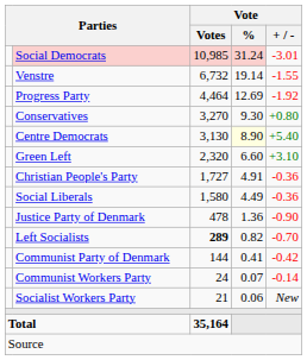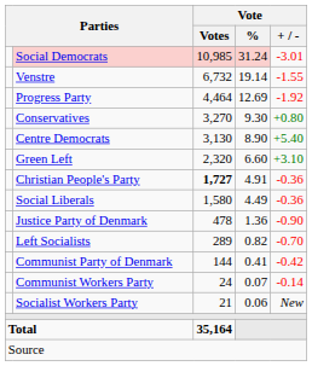 <table class="wikitable" style="text-align:right;">
 <tr>
 <th style="text-align:centre;" rowspan="2" colspan="2" width="225">Parties</th>
 <th colspan="3">Vote</th>
 </tr>
 <tr>
 <th width="15">Votes</th>
 <th width="15">%</th>
 <th width="15">+ / -</th>
 </tr>
 <tr>
 <td width="2" style="color:inherit;background:"></td>
 <td bgcolor=#fbd0ce  align="left"><a href='#'>Social Democrats</a></td>
 <td bgcolor=#fbd0ce>10,985</td>
 <td bgcolor=#fbd0ce>31.24</td>
 <td style=color:red;>-3.01</td>
 </tr>
 <tr>
 <td width="2" style="color:inherit;background:"></td>
 <td align="left"><a href='#'>Venstre</a></td>
 <td>6,732</td>
 <td>19.14</td>
 <td style=color:red;>-1.55</td>
 </tr>
 <tr>
 <td width="2" style="color:inherit;background:"></td>
 <td align="left"><a href='#'>Progress Party</a></td>
 <td>4,464</td>
 <td>12.69</td>
 <td style=color:red;>-1.92</td>
 </tr>
 <tr>
 <td width="2" style="color:inherit;background:"></td>
 <td align="left"><a href='#'>Conservatives</a></td>
 <td>3,270</td>
 <td>9.30</td>
 <td style=color:green;>+0.80</td>
 </tr>
 <tr>
 <td width="2" style="color:inherit;background:"></td>
 <td align="left"><a href='#'>Centre Democrats</a></td>
 <td>3,130</td>
-<td style="background: lightyellow;">8.90</td>
+<td>8.90</td>
 <td style=color:green;>+5.40</td>
 </tr>
 <tr>
 <td width="2" style="color:inherit;background:"></td>
 <td align="left"><a href='#'>Green Left</a></td>
 <td>2,320</td>
 <td>6.60</td>
 <td style=color:green;>+3.10</td>
 </tr>
 <tr>
 <td width="2" style="color:inherit;background:"></td>
 <td align="left"><a href='#'>Christian People's Party</a></td>
-<td>1,727</td>
+<td><strong>1,727</strong></td>
 <td>4.91</td>
 <td style=color:red;>-0.36</td>
 </tr>
 <tr>
 <td width="2" style="color:inherit;background:"></td>
 <td align="left"><a href='#'>Social Liberals</a></td>
 <td>1,580</td>
 <td>4.49</td>
 <td style=color:red;>-0.36</td>
 </tr>
 <tr>
 <td width="2" style="color:inherit;background:"></td>
 <td align="left"><a href='#'>Justice Party of Denmark</a></td>
 <td>478</td>
 <td>1.36</td>
 <td style=color:red;>-0.90</td>
 </tr>
 <tr>
 <td width="2" style="color:inherit;background:"></td>
 <td align="left"><a href='#'>Left Socialists</a></td>
-<td><strong>289</strong></td>
+<td>289</td>
 <td>0.82</td>
 <td style=color:red;>-0.70</td>
 </tr>
 <tr>
 <td width="2" style="color:inherit;background:"></td>
 <td align="left"><a href='#'>Communist Party of Denmark</a></td>
 <td>144</td>
 <td>0.41</td>
 <td style=color:red;>-0.42</td>
 </tr>
 <tr>
 <td width="2" style="color:inherit;background:"></td>
 <td align="left"><a href='#'>Communist Workers Party</a></td>
 <td>24</td>
 <td>0.07</td>
 <td style=color:red;>-0.14</td>
 </tr>
 <tr>
 <td width="2" style="color:inherit;background:"></td>
 <td align="left"><a href='#'>Socialist Workers Party</a></td>
 <td>21</td>
 <td>0.06</td>
 <td><em>New</em></td>
 </tr>
 <tr>
 <td colspan="7" bgcolor="#E9E9E9"></td>
 </tr>
 <tr>
 <td align="left" colspan="2"><strong>Total</strong></td>
 <td><strong>35,164</strong></td>
 <td bgcolor="#E9E9E9" colspan="2"></td>
 </tr>
 <tr>
 <td align="left" colspan="6">Source</td>
 </tr>
 </table>
